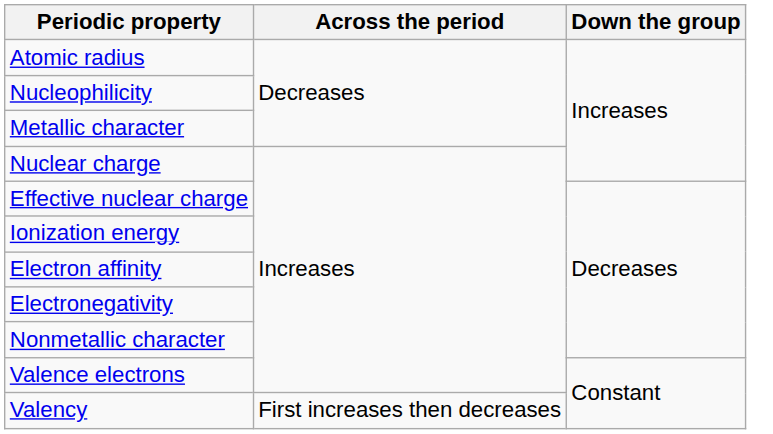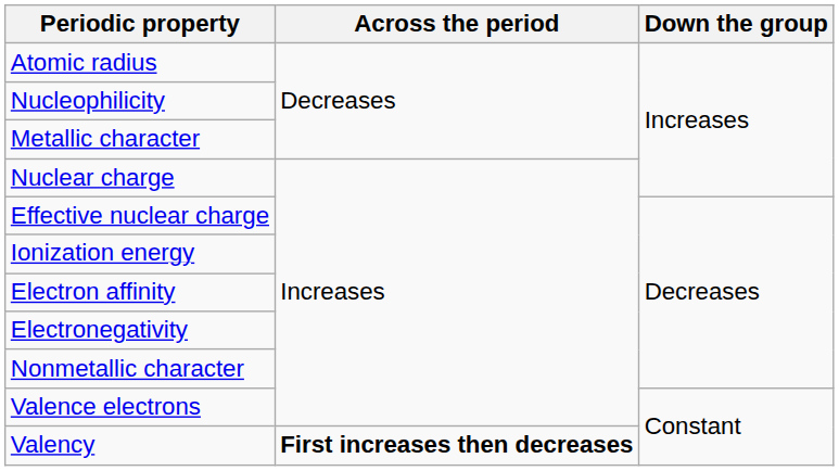 <table class="wikitable">
 <tr>
 <th>Periodic property</th>
 <th>Across the period</th>
 <th>Down the group</th>
 </tr>
 <tr>
 <td><a href='#'>Atomic radius</a></td>
 <td rowspan="3">Decreases</td>
 <td rowspan="4">Increases</td>
 </tr>
 <tr>
 <td><a href='#'>Nucleophilicity</a></td>
 </tr>
 <tr>
 <td><a href='#'>Metallic character</a></td>
 </tr>
 <tr>
 <td><a href='#'>Nuclear charge</a></td>
 <td rowspan="7">Increases</td>
 </tr>
 <tr>
 <td><a href='#'>Effective nuclear charge</a></td>
 <td rowspan="5">Decreases</td>
 </tr>
 <tr>
 <td><a href='#'>Ionization energy</a></td>
 </tr>
 <tr>
 <td><a href='#'>Electron affinity</a></td>
 </tr>
 <tr>
 <td><a href='#'>Electronegativity</a></td>
 </tr>
 <tr>
 <td><a href='#'>Nonmetallic character</a></td>
 </tr>
 <tr>
 <td><a href='#'>Valence electrons</a></td>
 <td rowspan="2">Constant</td>
 </tr>
 <tr>
 <td><a href='#'>Valency</a></td>
-<td>First increases then decreases</td>
+<td><strong>First increases then decreases</strong></td>
 </tr>
 </table>
